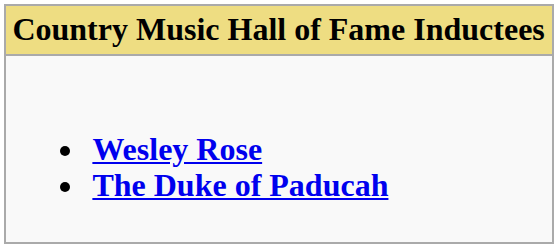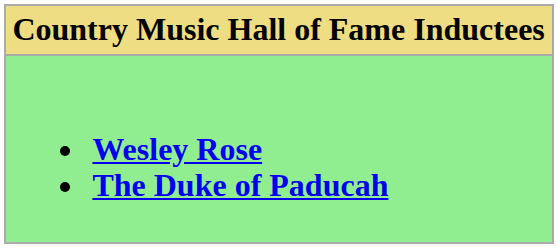 <table class="wikitable">
 <tr>
 <th style="background:#EEDD82; width=50%">Country Music Hall of Fame Inductees</th>
 </tr>
 <tr>
-<td valign="top"><br><ul><li><strong><a href='#'>Wesley Rose</a></strong></li><li><strong><a href='#'>The Duke of Paducah</a></strong></li></ul></td>
+<td valign="top" style="background: lightgreen;"><br><ul><li><strong><a href='#'>Wesley Rose</a></strong></li><li><strong><a href='#'>The Duke of Paducah</a></strong></li></ul></td>
 </tr>
 </table>
